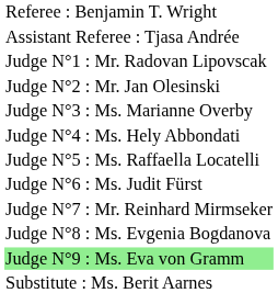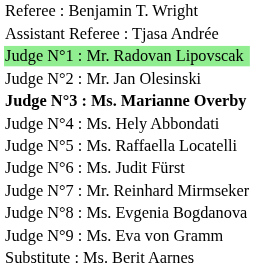 <table>
 <tr>
 <td>Referee : Benjamin T. Wright</td>
 </tr>
 <tr>
 <td>Assistant Referee : Tjasa Andrée</td>
 </tr>
 <tr>
-<td>Judge N°1 : Mr. Radovan Lipovscak </td>
+<td style="background: lightgreen;">Judge N°1 : Mr. Radovan Lipovscak </td>
 </tr>
 <tr>
 <td>Judge N°2 : Mr. Jan Olesinski </td>
 </tr>
 <tr>
-<td>Judge N°3 : Ms. Marianne Overby </td>
+<td><strong>Judge N°3 : Ms. Marianne Overby </strong></td>
 </tr>
 <tr>
 <td>Judge N°4 : Ms. Hely Abbondati </td>
 </tr>
 <tr>
 <td>Judge N°5 : Ms. Raffaella Locatelli </td>
 </tr>
 <tr>
 <td>Judge N°6 : Ms. Judit Fürst </td>
 </tr>
 <tr>
 <td>Judge N°7 : Mr. Reinhard Mirmseker </td>
 </tr>
 <tr>
 <td>Judge N°8 : Ms. Evgenia Bogdanova </td>
 </tr>
 <tr>
-<td style="background: lightgreen;">Judge N°9 : Ms. Eva von Gramm </td>
+<td>Judge N°9 : Ms. Eva von Gramm </td>
 </tr>
 <tr>
 <td>Substitute : Ms. Berit Aarnes </td>
 </tr>
 </table>
